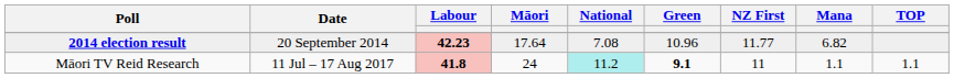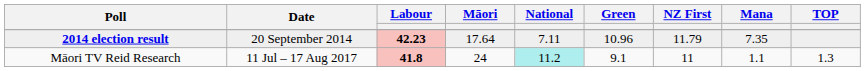 <table class="wikitable" style="font-size:90%; line-height:14px; text-align:center">
 <tr>
 <th style="width:240px;" rowspan="2">Poll</th>
 <th style="width:160px;" rowspan="2">Date </th>
 <th style="width:70px;" r bgcolor=><a href='#'>Labour</a></th>
 <th style="width:70px;" r bgcolor=><a href='#'>Māori</a></th>
 <th style="width:70px;" r bgcolor=><a href='#'>National</a></th>
 <th style="width:70px;" r bgcolor=><a href='#'>Green</a></th>
 <th style="width:70px;" r bgcolor=><a href='#'>NZ First</a></th>
 <th style="width:70px;" r bgcolor=><a href='#'>Mana</a></th>
 <th style="width:70px;" r bgcolor=><a href='#'>TOP</a></th>
 </tr>
 <tr>
 <th class="unsortable" style="color:inherit;background:"></th>
 <th class="unsortable" style="color:inherit;background:"></th>
 <th class="unsortable" style="color:inherit;background:"></th>
 <th class="unsortable" style="color:inherit;background:"></th>
 <th class="unsortable" style="color:inherit;background:"></th>
 <th class="unsortable" style="color:inherit;background:"></th>
 <th class="unsortable" style="color:inherit;background:"></th>
 </tr>
 <tr>
 </tr>
 <tr style="background:#EFEFEF; font-weight:italic;">
 <td><strong><a href='#'>2014 election result</a></strong></td>
 <td>20 September 2014</td>
 <td style="background:#F8C1BE"><strong>42.23</strong></td>
 <td>17.64</td>
-<td>7.08</td>
+<td>7.11</td>
 <td>10.96</td>
-<td>11.77</td>
-<td>6.82</td>
+<td>11.79</td>
+<td>7.35</td>
 <td></td>
 </tr>
 <tr>
 <td>Māori TV Reid Research</td>
 <td>11 Jul – 17 Aug 2017</td>
 <td style="background:#F8C1BE"><strong>41.8</strong></td>
 <td>24</td>
 <td style="background: paleturquoise;">11.2</td>
-<td><strong>9.1</strong></td>
+<td>9.1</td>
 <td>11</td>
 <td>1.1</td>
-<td>1.1</td>
+<td>1.3</td>
 </tr>
 </table>
